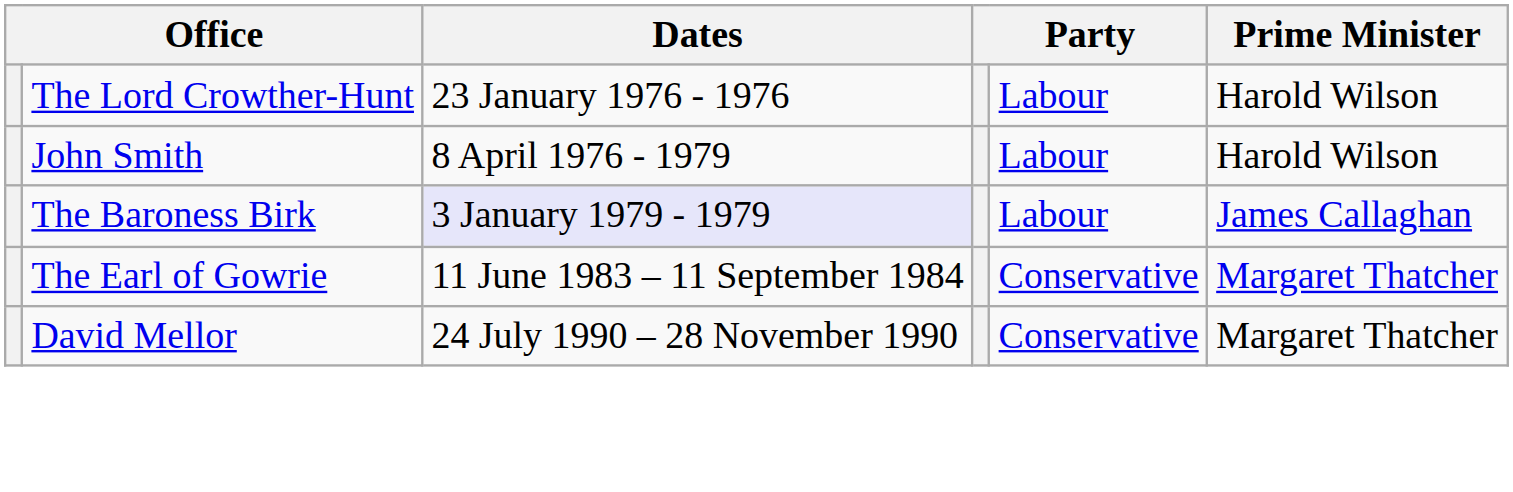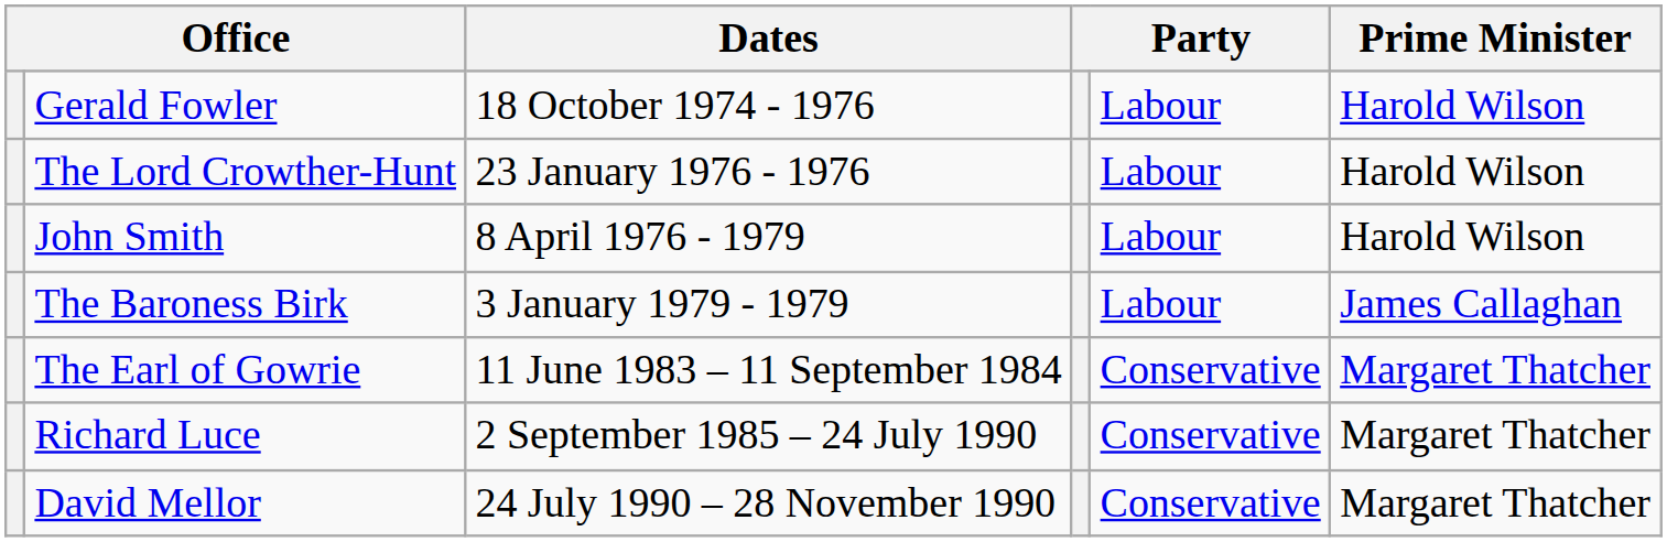 <table class="wikitable sortable">
 <tr>
 <th colspan="2">Office</th>
 <th>Dates</th>
 <th colspan="2">Party</th>
 <th>Prime Minister</th>
+</tr>
+<tr>
+<th style="background-color: "></th>
+<td><a href='#'>Gerald Fowler</a></td>
+<td>18 October 1974 - 1976</td>
+<th style="background-color: "></th>
+<td><a href='#'>Labour</a></td>
+<td><a href='#'>Harold Wilson</a></td>
 </tr>
 <tr>
 <th style="background-color: "></th>
 <td><a href='#'>The Lord Crowther-Hunt</a></td>
 <td>23 January 1976 - 1976</td>
 <th style="background-color: "></th>
 <td><a href='#'>Labour</a></td>
 <td>Harold Wilson</td>
 </tr>
 <tr>
 <th style="background-color: "></th>
 <td><a href='#'>John Smith</a></td>
 <td>8 April 1976 - 1979</td>
 <th style="background-color: "></th>
 <td><a href='#'>Labour</a></td>
 <td>Harold Wilson</td>
 </tr>
 <tr>
 <th style="background-color: "></th>
 <td><a href='#'>The Baroness Birk</a></td>
-<td style="background: lavender;">3 January 1979 - 1979</td>
+<td>3 January 1979 - 1979</td>
 <th style="background-color: "></th>
 <td><a href='#'>Labour</a></td>
 <td><a href='#'>James Callaghan</a></td>
 </tr>
 <tr>
 <th style="background-color: "></th>
 <td><a href='#'>The Earl of Gowrie</a></td>
 <td>11 June 1983 – 11 September 1984</td>
 <th style="background-color: "></th>
 <td><a href='#'>Conservative</a></td>
 <td><a href='#'>Margaret Thatcher</a></td>
 </tr>
 <tr>
 <th style="background-color: "></th>
+<td><a href='#'>Richard Luce</a></td>
+<td>2 September 1985 – 24 July 1990</td>
+<th style="background-color: "></th>
+<td><a href='#'>Conservative</a></td>
+<td>Margaret Thatcher</td>
+</tr>
+<tr>
+<th style="background-color: "></th>
 <td><a href='#'>David Mellor</a></td>
 <td>24 July 1990 – 28 November 1990</td>
 <th style="background-color: "></th>
 <td><a href='#'>Conservative</a></td>
 <td>Margaret Thatcher</td>
 </tr>
 </table>
